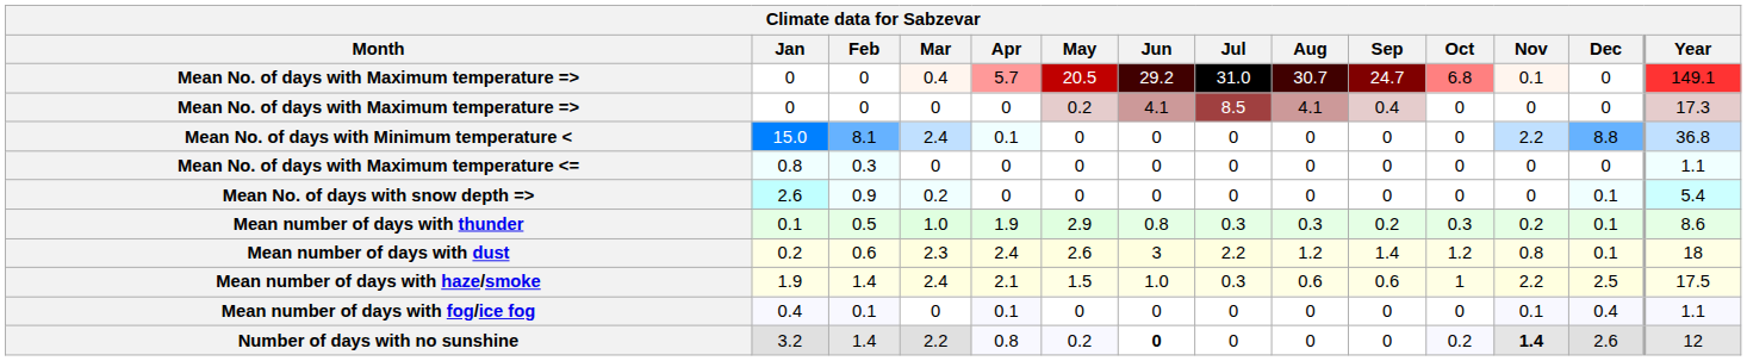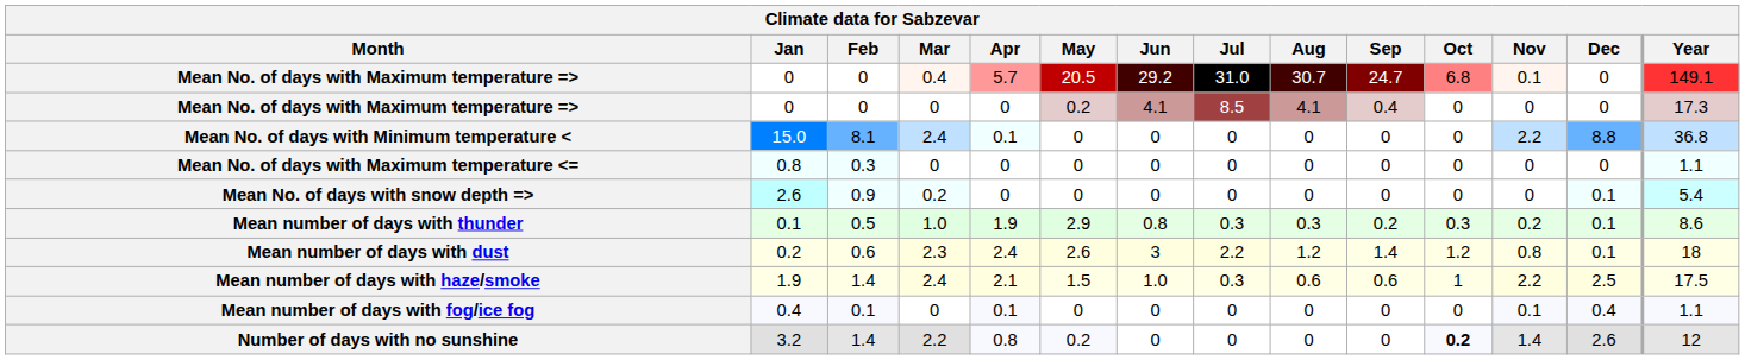 <table style="width:100%;text-align:center;line-height:1.2em;margin-left:auto;margin-right:auto" class="wikitable mw-collapsible">
 <tr>
 <th Colspan=14>Climate data for Sabzevar</th>
 </tr>
 <tr>
 <th>Month</th>
 <th>Jan</th>
 <th>Feb</th>
 <th>Mar</th>
 <th>Apr</th>
 <th>May</th>
 <th>Jun</th>
 <th>Jul</th>
 <th>Aug</th>
 <th>Sep</th>
 <th>Oct</th>
 <th>Nov</th>
 <th>Dec</th>
 <th style="border-left-width:medium">Year</th>
 </tr>
 <tr>
 <th>Mean No. of days with Maximum temperature => </th>
 <td style="background:#ffffff;color:#000000;">0</td>
 <td style="background:#ffffff;color:#000000;">0</td>
 <td style="background:#FFF5EE;color:#000000;">0.4</td>
 <td style="background:#FF9999;color:#000000;">5.7</td>
 <td style="background:#C00000;color:#ffffff;">20.5</td>
 <td style="background:#400000;color:#ffffff;">29.2</td>
 <td style="background:#000000;color:#ffffff;">31.0</td>
 <td style="background:#400000;color:#ffffff;">30.7</td>
 <td style="background:#800000;color:#ffffff;">24.7</td>
 <td style="background:#FF8080;color:#000000;">6.8</td>
 <td style="background:#FFF5EE;color:#000000;">0.1</td>
 <td style="background:#ffffff;color:#000000;">0</td>
 <td style="background:#FF3333;color:#000000;border-left-width:medium">149.1</td>
 </tr>
 <tr>
 <th>Mean No. of days with Maximum temperature => </th>
 <td style="background:#ffffff;color:#000000;">0</td>
 <td style="background:#ffffff;color:#000000;">0</td>
 <td style="background:#FFFFFF;color:#000000;">0</td>
 <td style="background:#FFFFFF;color:#000000;">0</td>
 <td style="background:#E5CCCC;color:#000000;">0.2</td>
 <td style="background:#CC9999;color:#000000;">4.1</td>
 <td style="background:#A04040;color:#ffffff;">8.5</td>
 <td style="background:#CC9999;color:#000000;">4.1</td>
 <td style="background:#E5CCCC;color:#000000;">0.4</td>
 <td style="background:#FFFFFF;color:#000000;">0</td>
 <td style="background:#FFFFFF;color:#000000;">0</td>
 <td style="background:#ffffff;color:#000000;">0</td>
 <td style="background:#E5CCCC;color:#000000;border-left-width:medium">17.3</td>
 </tr>
 <tr>
 <th>Mean No. of days with Minimum temperature < </th>
 <td style="background:#0080FF;color:#ffffff;">15.0</td>
 <td style="background:#66B2FF;color:#000000;">8.1</td>
 <td style="background:#C0E0FF;color:#000000;">2.4</td>
 <td style="background:#F0FFFF;color:#000000;">0.1</td>
 <td style="background:#FFFFFF;color:#000000;">0</td>
 <td style="background:#FFFFFF;color:#000000;">0</td>
 <td style="background:#FFFFFF;color:#000000;">0</td>
 <td style="background:#FFFFFF;color:#000000;">0</td>
 <td style="background:#FFFFFF;color:#000000;">0</td>
 <td style="background:#FFFFFF;color:#000000;">0</td>
 <td style="background:#C0E0FF;color:#000000;">2.2</td>
 <td style="background:#66B2FF;color:#000000;">8.8</td>
 <td style="background:#C0E0FF;color:#000000;border-left-width:medium">36.8</td>
 </tr>
 <tr>
 <th>Mean No. of days with Maximum temperature <= </th>
 <td style="background:#F0FFFF;color:#000000;">0.8</td>
 <td style="background:#F0FFFF;color:#000000;">0.3</td>
 <td style="background:#FFFFFF;color:#000000;">0</td>
 <td style="background:#FFFFFF;color:#000000;">0</td>
 <td style="background:#FFFFFF;color:#000000;">0</td>
 <td style="background:#FFFFFF;color:#000000;">0</td>
 <td style="background:#FFFFFF;color:#000000;">0</td>
 <td style="background:#FFFFFF;color:#000000;">0</td>
 <td style="background:#FFFFFF;color:#000000;">0</td>
 <td style="background:#FFFFFF;color:#000000;">0</td>
 <td style="background:#FFFFFF;color:#000000;">0</td>
 <td style="background:#FFFFFF;color:#000000;">0</td>
 <td style="background:#F0FFFF;color:#000000;border-left-width:medium">1.1</td>
 </tr>
 <tr>
 <th>Mean No. of days with snow depth => </th>
 <td style="background:#C0FFFF;color:#000000;">2.6</td>
 <td style="background:#F0FFFF;color:#000000;">0.9</td>
 <td style="background:#F0FFFF;color:#000000;">0.2</td>
 <td style="background:#FFFFFF;color:#000000;">0</td>
 <td style="background:#FFFFFF;color:#000000;">0</td>
 <td style="background:#FFFFFF;color:#000000;">0</td>
 <td style="background:#FFFFFF;color:#000000;">0</td>
 <td style="background:#FFFFFF;color:#000000;">0</td>
 <td style="background:#FFFFFF;color:#000000;">0</td>
 <td style="background:#FFFFFF;color:#000000;">0</td>
 <td style="background:#FFFFFF;color:#000000;">0</td>
 <td style="background:#F0FFFF;color:#000000;">0.1</td>
 <td style="background:#CCFFFF;color:#000000;border-left-width:medium">5.4</td>
 </tr>
 <tr>
 <th>Mean number of days with <a href='#'>thunder</a></th>
 <td style="background:#E5FFE5;color:#000000;">0.1</td>
 <td style="background:#E5FFE5;color:#000000;">0.5</td>
 <td style="background:#E0FFE0;color:#000000;">1.0</td>
 <td style="background:#E0FFE0;color:#000000;">1.9</td>
 <td style="background:#E0FFE0;color:#000000;">2.9</td>
 <td style="background:#E5FFE5;color:#000000;">0.8</td>
 <td style="background:#E5FFE5;color:#000000;">0.3</td>
 <td style="background:#E5FFE5;color:#000000;">0.3</td>
 <td style="background:#E5FFE5;color:#000000;">0.2</td>
 <td style="background:#E5FFE5;color:#000000;">0.3</td>
 <td style="background:#E5FFE5;color:#000000;">0.2</td>
 <td style="background:#E5FFE5;color:#000000;">0.1</td>
 <td style="background:#E5FFE5;color:#000000;border-left-width:medium">8.6</td>
 </tr>
 <tr>
 <th>Mean number of days with <a href='#'>dust</a></th>
 <td style="background:#FFFFE5;color:#000000;">0.2</td>
 <td style="background:#FFFFE5;color:#000000;">0.6</td>
 <td style="background:#FFFFE0;color:#000000;">2.3</td>
 <td style="background:#FFFFE0;color:#000000;">2.4</td>
 <td style="background:#FFFFE0;color:#000000;">2.6</td>
 <td style="background:#FFFFE0;color:#000000;">3</td>
 <td style="background:#FFFFE0;color:#000000;">2.2</td>
 <td style="background:#FFFFE5;color:#000000;">1.2</td>
 <td style="background:#FFFFE5;color:#000000;">1.4</td>
 <td style="background:#FFFFE5;color:#000000;">1.2</td>
 <td style="background:#FFFFE5;color:#000000;">0.8</td>
 <td style="background:#FFFFE5;color:#000000;">0.1</td>
 <td style="background:#FFFFE5;color:#000000;border-left-width:medium">18</td>
 </tr>
 <tr>
 <th>Mean number of days with <a href='#'>haze</a>/<a href='#'>smoke</a></th>
 <td style="background:#FFFFE5;color:#000000;">1.9</td>
 <td style="background:#FFFFE5;color:#000000;">1.4</td>
 <td style="background:#FFFFE0;color:#000000;">2.4</td>
 <td style="background:#FFFFE0;color:#000000;">2.1</td>
 <td style="background:#FFFFE5;color:#000000;">1.5</td>
 <td style="background:#FFFFE5;color:#000000;">1.0</td>
 <td style="background:#FFFFE5;color:#000000;">0.3</td>
 <td style="background:#FFFFE5;color:#000000;">0.6</td>
 <td style="background:#FFFFE5;color:#000000;">0.6</td>
 <td style="background:#FFFFE5;color:#000000;">1</td>
 <td style="background:#FFFFE0;color:#000000;">2.2</td>
 <td style="background:#FFFFE0;color:#000000;">2.5</td>
 <td style="background:#FFFFE5;color:#000000;border-left-width:medium">17.5</td>
 </tr>
 <tr>
 <th>Mean number of days with <a href='#'>fog</a>/<a href='#'>ice fog</a></th>
 <td style="background:#F8F8FF;color:#000000;">0.4</td>
 <td style="background:#F8F8FF;color:#000000;">0.1</td>
 <td style="background:#FFFFFF;color:#000000;">0</td>
 <td style="background:#F8F8FF;color:#000000;">0.1</td>
 <td style="background:#FFFFFF;color:#000000;">0</td>
 <td style="background:#FFFFFF;color:#000000;">0</td>
 <td style="background:#FFFFFF;color:#000000;">0</td>
 <td style="background:#FFFFFF;color:#000000;">0</td>
 <td style="background:#FFFFFF;color:#000000;">0</td>
 <td style="background:#FFFFFF;color:#000000;">0</td>
 <td style="background:#F8F8FF;color:#000000;">0.1</td>
 <td style="background:#F8F8FF;color:#000000;">0.4</td>
 <td style="background:#F8F8FF;color:#000000;border-left-width:medium">1.1</td>
 </tr>
 <tr>
 <th>Number of days with no sunshine</th>
 <td style="background:#E0E0E0;color:#000000;">3.2</td>
 <td style="background:#E5E5E5;color:#000000;">1.4</td>
 <td style="background:#E0E0E0;color:#000000;">2.2</td>
 <td style="background:#F8F8FF;color:#000000;">0.8</td>
 <td style="background:#F8F8FF;color:#000000;">0.2</td>
-<td style="background:#FFFFFF;color:#000000;"><strong>0</strong></td>
 <td style="background:#FFFFFF;color:#000000;">0</td>
 <td style="background:#FFFFFF;color:#000000;">0</td>
 <td style="background:#FFFFFF;color:#000000;">0</td>
-<td style="background:#F8F8FF;color:#000000;">0.2</td>
-<td style="background:#E5E5E5;color:#000000;"><strong>1.4</strong></td>
+<td style="background:#FFFFFF;color:#000000;">0</td>
+<td style="background:#F8F8FF;color:#000000;"><strong>0.2</strong></td>
+<td style="background:#E5E5E5;color:#000000;">1.4</td>
 <td style="background:#E0E0E0;color:#000000;">2.6</td>
 <td style="background:#E5E5E5;color:#000000;border-left-width:medium">12</td>
 </tr>
 </table>
